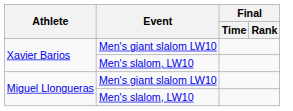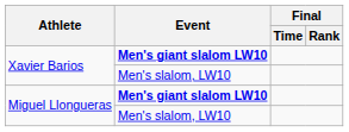 <table class=wikitable style=font-size:90%;text-align:center>
 <tr>
 <th rowspan=2>Athlete</th>
 <th rowspan=2>Event</th>
 <th colspan=2>Final</th>
 </tr>
 <tr>
 <th>Time</th>
 <th>Rank</th>
 </tr>
 <tr>
 <td align=left rowspan=2><a href='#'>Xavier Barios</a></td>
-<td align=left><a href='#'>Men's giant slalom LW10</a></td>
+<td align=left><strong><a href='#'>Men's giant slalom LW10</a></strong></td>
 <td colspan=2></td>
 </tr>
 <tr>
 <td align=left><a href='#'>Men's slalom, LW10</a></td>
 <td colspan=2></td>
 </tr>
 <tr>
 <td align=left rowspan=2><a href='#'>Miguel Llongueras</a></td>
-<td align=left><a href='#'>Men's giant slalom LW10</a></td>
+<td align=left><strong><a href='#'>Men's giant slalom LW10</a></strong></td>
 <td colspan=2></td>
 </tr>
 <tr>
 <td align=left><a href='#'>Men's slalom, LW10</a></td>
 <td colspan=2></td>
 </tr>
 </table>
